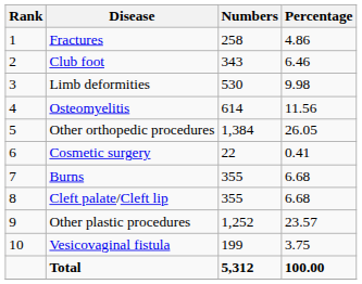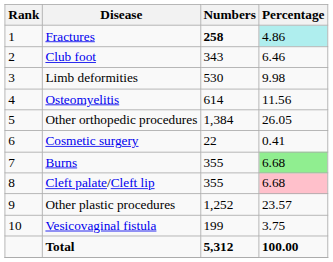 <table class="wikitable sortable" style="margin: 0.5em auto">
 <tr>
 <th>Rank</th>
 <th>Disease</th>
 <th>Numbers</th>
 <th>Percentage</th>
 </tr>
 <tr>
 <td>1</td>
 <td><a href='#'>Fractures</a></td>
-<td>258</td>
-<td>4.86</td>
+<td><strong>258</strong></td>
+<td style="background: paleturquoise;">4.86</td>
 </tr>
 <tr>
 <td>2</td>
 <td><a href='#'>Club foot</a></td>
 <td>343</td>
 <td>6.46</td>
 </tr>
 <tr>
 <td>3</td>
 <td>Limb deformities</td>
 <td>530</td>
 <td>9.98</td>
 </tr>
 <tr>
 <td>4</td>
 <td><a href='#'>Osteomyelitis</a></td>
 <td>614</td>
 <td>11.56</td>
 </tr>
 <tr>
 <td>5</td>
 <td>Other orthopedic procedures</td>
 <td>1,384</td>
 <td>26.05</td>
 </tr>
 <tr>
 <td>6</td>
 <td><a href='#'>Cosmetic surgery</a></td>
 <td>22</td>
 <td>0.41</td>
 </tr>
 <tr>
 <td>7</td>
 <td><a href='#'>Burns</a></td>
 <td>355</td>
-<td>6.68</td>
+<td style="background: lightgreen;">6.68</td>
 </tr>
 <tr>
 <td>8</td>
 <td><a href='#'>Cleft palate</a>/<a href='#'>Cleft lip</a></td>
 <td>355</td>
-<td>6.68</td>
+<td style="background: pink;">6.68</td>
 </tr>
 <tr>
 <td>9</td>
 <td>Other plastic procedures</td>
 <td>1,252</td>
 <td>23.57</td>
 </tr>
 <tr>
 <td>10</td>
 <td><a href='#'>Vesicovaginal fistula</a></td>
 <td>199</td>
 <td>3.75</td>
 </tr>
 <tr>
 <td></td>
 <td><strong>Total</strong></td>
 <td><strong>5,312</strong></td>
 <td><strong>100.00</strong></td>
 </tr>
 <tr>
 </tr>
 </table>
